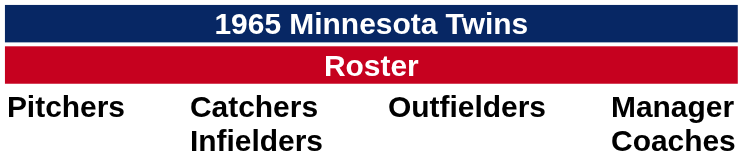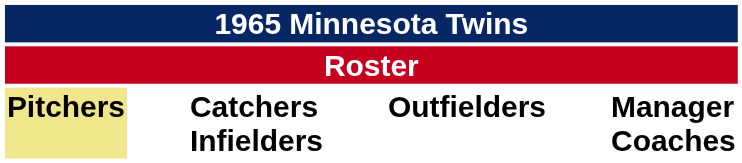 <table class="toccolours" style="font-size: 95%;">
 <tr>
 <th colspan="10" style="background-color: #072764; color: white; text-align: center;">1965 Minnesota Twins</th>
 </tr>
 <tr>
 <td colspan="10" style="background-color: #c6011f; color: white; text-align: center;"><strong>Roster</strong></td>
 </tr>
 <tr>
-<td valign="top"><strong>Pitchers</strong><br>              </td>
+<td valign="top" style="background: khaki;"><strong>Pitchers</strong><br>              </td>
 <td width="25px"></td>
 <td valign="top"><strong>Catchers</strong><br>   <strong>Infielders</strong>          </td>
 <td width="25px"></td>
 <td valign="top"><strong>Outfielders</strong><br>      </td>
 <td width="25px"></td>
 <td valign="top"><strong>Manager</strong><br> <strong>Coaches</strong>    </td>
 </tr>
 <tr>
 </tr>
 </table>
